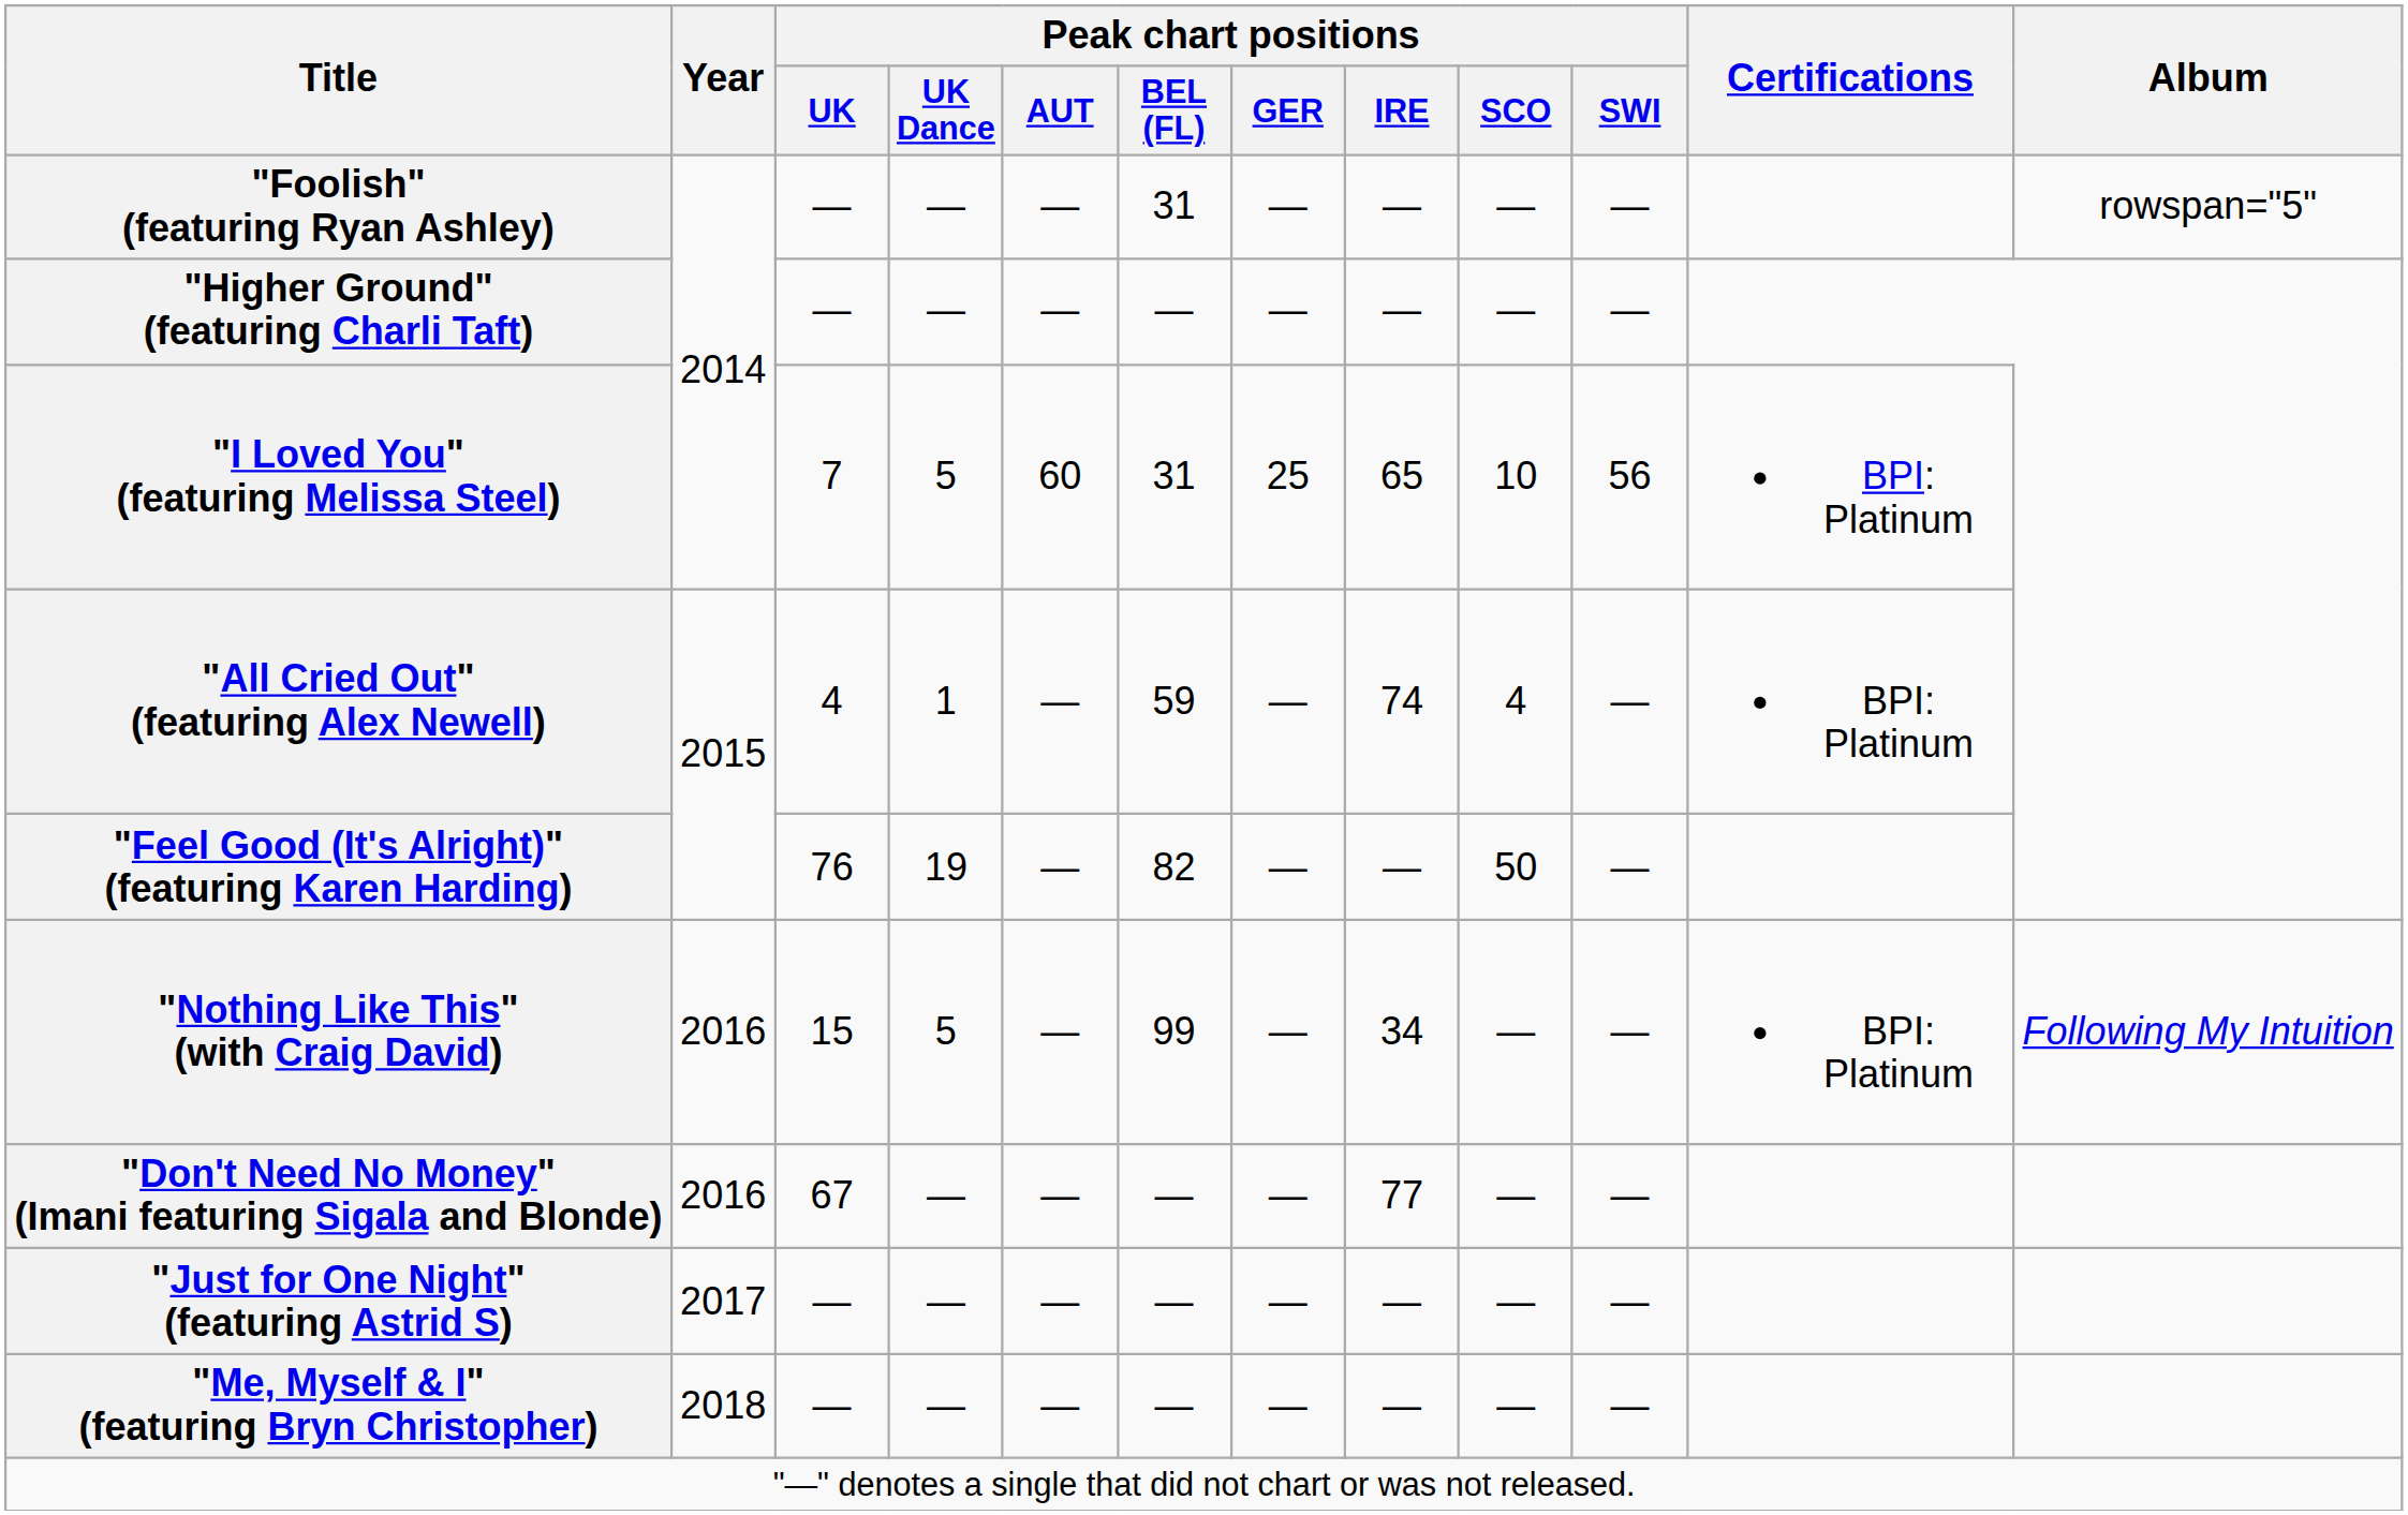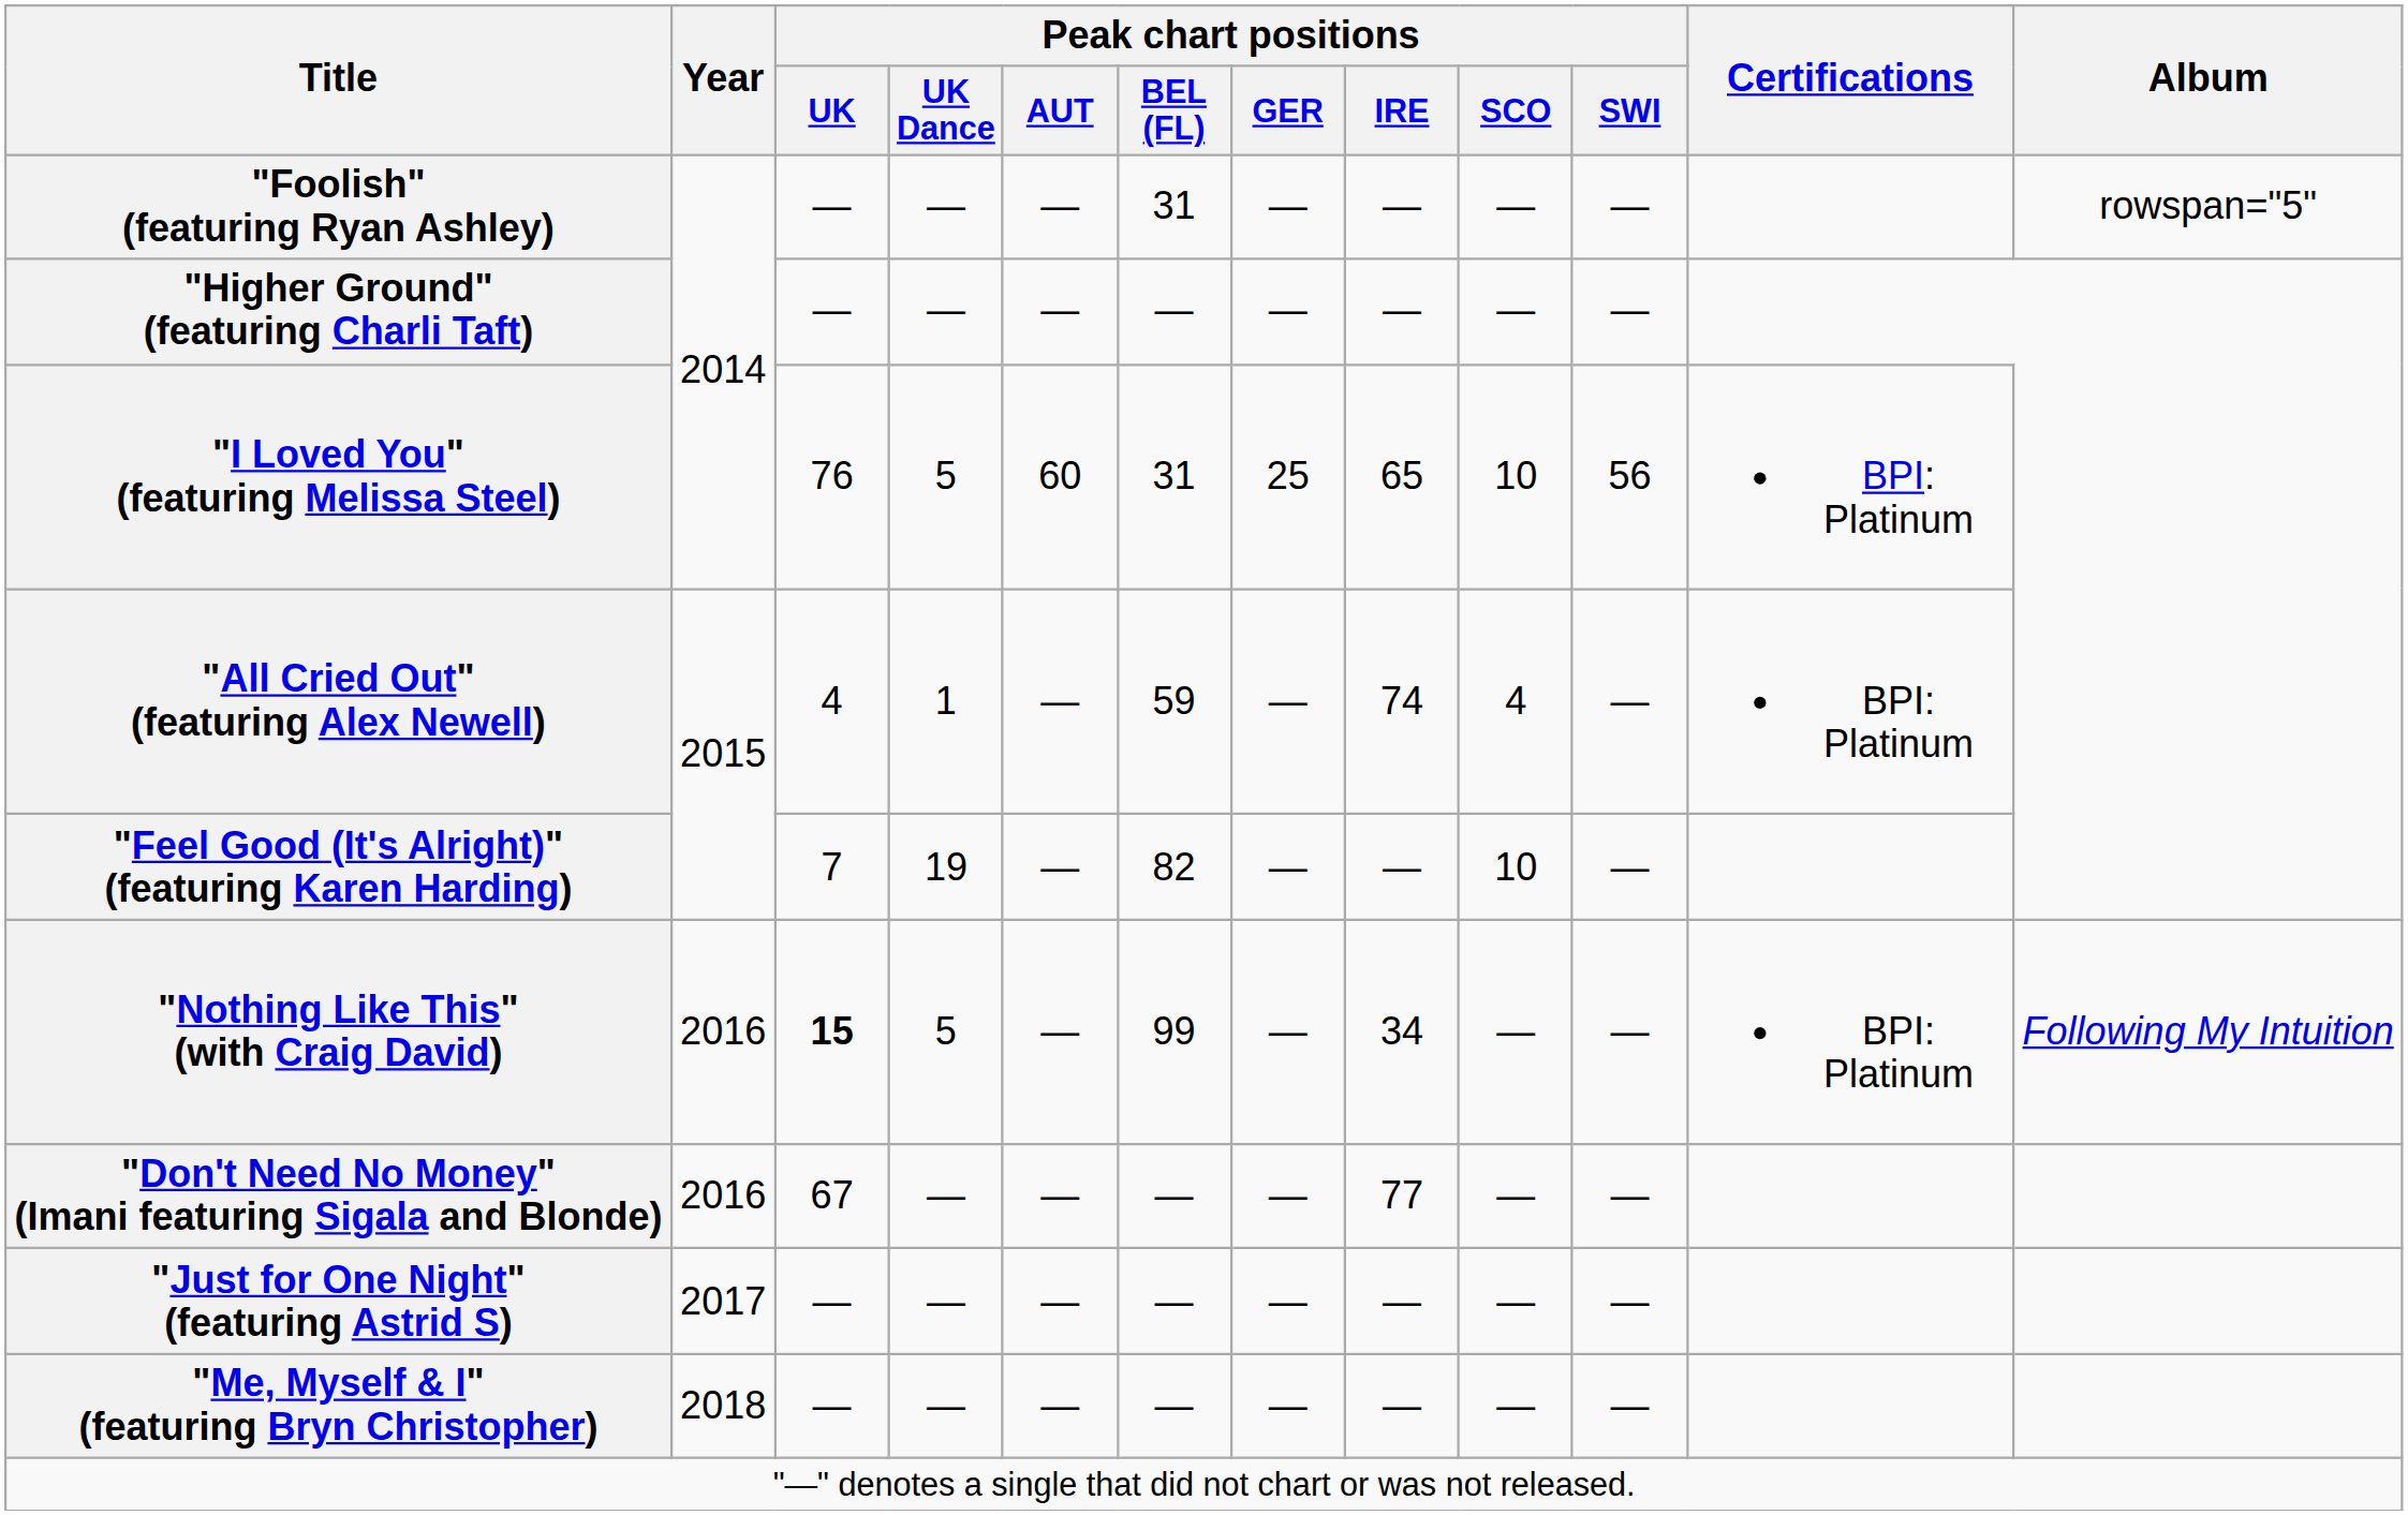 <table class="wikitable plainrowheaders" style="text-align:center;">
 <tr>
 <th scope="col" rowspan="2">Title</th>
 <th scope="col" rowspan="2">Year</th>
 <th scope="col" colspan="8">Peak chart positions</th>
 <th scope="col" rowspan="2" style="width:8em;"><a href='#'>Certifications</a></th>
 <th scope="col" rowspan="2">Album</th>
 </tr>
 <tr>
 <th scope="col" style="width:3em;font-size:85%;"><a href='#'>UK</a><br></th>
 <th scope="col" style="width:3em;font-size:85%;"><a href='#'>UK Dance</a><br></th>
 <th scope="col" style="width:3em;font-size:85%;"><a href='#'>AUT</a><br></th>
 <th scope="col" style="width:3em;font-size:85%;"><a href='#'>BEL<br>(FL)</a><br></th>
 <th scope="col" style="width:3em;font-size:85%;"><a href='#'>GER</a><br></th>
 <th scope="col" style="width:3em;font-size:85%;"><a href='#'>IRE</a><br></th>
 <th scope="col" style="width:3em;font-size:85%;"><a href='#'>SCO</a><br></th>
 <th scope="col" style="width:3em;font-size:85%;"><a href='#'>SWI</a><br></th>
 </tr>
 <tr>
 <th scope="row">"Foolish"<br><span>(featuring Ryan Ashley)</span></th>
 <td rowspan="3">2014</td>
 <td>—</td>
 <td>—</td>
 <td>—</td>
 <td>31</td>
 <td>—</td>
 <td>—</td>
 <td>—</td>
 <td>—</td>
 <td></td>
 <td>rowspan="5" </td>
 </tr>
 <tr>
 <th scope="row">"Higher Ground"<br><span>(featuring <a href='#'>Charli Taft</a>)</span></th>
 <td>—</td>
 <td>—</td>
 <td>—</td>
 <td>—</td>
 <td>—</td>
 <td>—</td>
 <td>—</td>
 <td>—</td>
 </tr>
 <tr>
 <th scope="row">"<a href='#'>I Loved You</a>"<br><span>(featuring <a href='#'>Melissa Steel</a>)</span></th>
-<td>7</td>
+<td>76</td>
 <td>5</td>
 <td>60</td>
 <td>31</td>
 <td>25</td>
 <td>65</td>
 <td>10</td>
 <td>56</td>
 <td><br><ul><li><a href='#'>BPI</a>: Platinum</li></ul></td>
 </tr>
 <tr>
 <th scope="row">"<a href='#'>All Cried Out</a>"<br><span>(featuring <a href='#'>Alex Newell</a>)</span></th>
 <td rowspan="2">2015</td>
 <td>4</td>
 <td>1</td>
 <td>—</td>
 <td>59</td>
 <td>—</td>
 <td>74</td>
 <td>4</td>
 <td>—</td>
 <td><br><ul><li>BPI: Platinum</li></ul></td>
 </tr>
 <tr>
 <th scope="row">"<a href='#'>Feel Good (It's Alright)</a>"<br><span>(featuring <a href='#'>Karen Harding</a>)</span></th>
-<td>76</td>
+<td>7</td>
 <td>19</td>
 <td>—</td>
 <td>82</td>
 <td>—</td>
 <td>—</td>
-<td>50</td>
+<td>10</td>
 <td>—</td>
 <td></td>
 </tr>
 <tr>
 <th scope="row">"<a href='#'>Nothing Like This</a>"<br><span>(with <a href='#'>Craig David</a>)</span></th>
 <td>2016</td>
-<td>15</td>
+<td><strong>15</strong></td>
 <td>5</td>
 <td>—</td>
 <td>99</td>
 <td>—</td>
 <td>34<br></td>
 <td>—</td>
 <td>—</td>
 <td><br><ul><li>BPI: Platinum</li></ul></td>
 <td><em><a href='#'>Following My Intuition</a></em></td>
 </tr>
 <tr>
 <th scope="row">"<a href='#'>Don't Need No Money</a>"<br><span>(Imani featuring <a href='#'>Sigala</a> and Blonde)</span></th>
 <td>2016</td>
 <td>67</td>
 <td>—</td>
 <td>—</td>
 <td>—</td>
 <td>—</td>
 <td>77</td>
 <td>—</td>
 <td>—</td>
 <td></td>
 <td></td>
 </tr>
 <tr>
 <th scope="row">"<a href='#'>Just for One Night</a>"<br><span>(featuring <a href='#'>Astrid S</a>)</span></th>
 <td>2017</td>
 <td>—</td>
 <td>—</td>
 <td>—</td>
 <td>—</td>
 <td>—</td>
 <td>—</td>
 <td>—</td>
 <td>—</td>
 <td></td>
 <td></td>
 </tr>
 <tr>
 <th scope="row">"<a href='#'>Me, Myself & I</a>"<br><span>(featuring <a href='#'>Bryn Christopher</a>)</span></th>
 <td>2018</td>
 <td>—</td>
 <td>—</td>
 <td>—</td>
 <td>—</td>
 <td>—</td>
 <td>—</td>
 <td>—</td>
 <td>—</td>
 <td></td>
 <td></td>
 </tr>
 <tr>
 <td colspan="12" style="font-size:85%">"—" denotes a single that did not chart or was not released.</td>
 </tr>
 </table>
